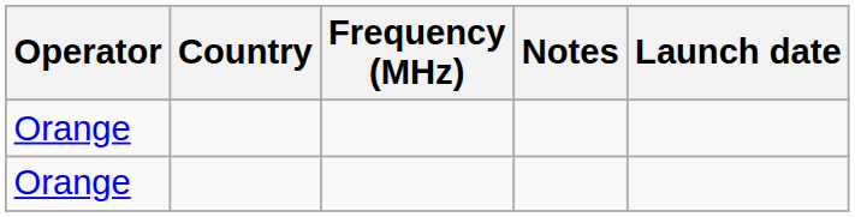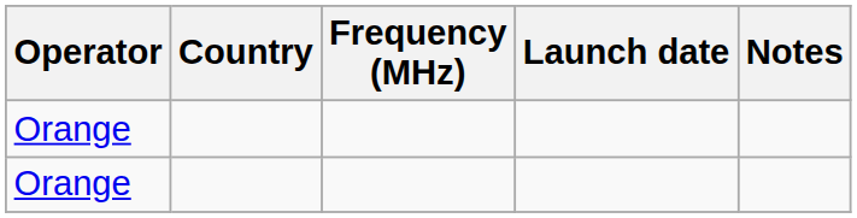 <table class="wikitable sortable">
 <tr>
 <th>Operator</th>
 <th>Country</th>
 <th>Frequency<br>(MHz)</th>
+<th>Launch date</th>
 <th class="sortable">Notes</th>
-<th>Launch date</th>
 </tr>
 <tr>
 <td><a href='#'>Orange</a></td>
 <td></td>
 <td></td>
 <td></td>
 <td></td>
 </tr>
 <tr>
 <td><a href='#'>Orange</a></td>
 <td></td>
 <td></td>
 <td></td>
 <td></td>
 </tr>
 </table>
